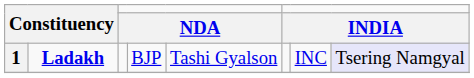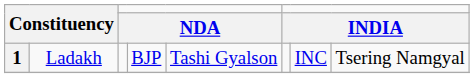 <table class="wikitable sortable" style="text-align:center;">
 <tr>
 <th colspan="2" rowspan="2">Constituency</th>
 <td colspan="3"></td>
 <td colspan="3"></td>
 </tr>
 <tr>
 <th colspan="3"><a href='#'>NDA</a></th>
 <th colspan="3"><a href='#'>INDIA</a></th>
 </tr>
 <tr>
 <th>1</th>
-<td><strong><a href='#'>Ladakh</a></strong></td>
+<td><a href='#'>Ladakh</a></td>
 <td></td>
 <td><a href='#'>BJP</a></td>
 <td><a href='#'>Tashi Gyalson</a></td>
 <td></td>
 <td><a href='#'>INC</a></td>
-<td style="background: lavender;">Tsering Namgyal</td>
+<td>Tsering Namgyal</td>
 </tr>
 <tr>
 </tr>
 </table>
